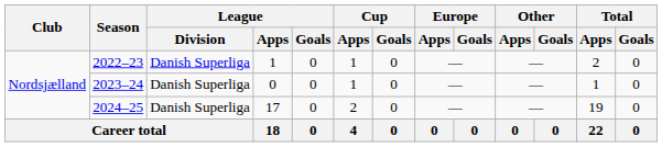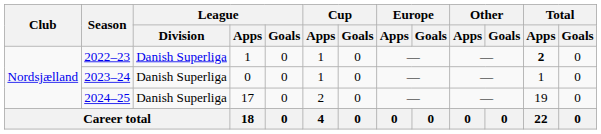 <table class="wikitable" style="text-align:center">
 <tr>
 <th rowspan="2">Club</th>
 <th rowspan="2">Season</th>
 <th colspan="3">League</th>
 <th colspan="2">Cup</th>
 <th colspan="2">Europe</th>
 <th colspan="2">Other</th>
 <th colspan="2">Total</th>
 </tr>
 <tr>
 <th>Division</th>
 <th>Apps</th>
 <th>Goals</th>
 <th>Apps</th>
 <th>Goals</th>
 <th>Apps</th>
 <th>Goals</th>
 <th>Apps</th>
 <th>Goals</th>
 <th>Apps</th>
 <th>Goals</th>
 </tr>
 <tr>
 <td rowspan="3"><a href='#'>Nordsjælland</a></td>
 <td><a href='#'>2022–23</a></td>
 <td><a href='#'>Danish Superliga</a></td>
 <td>1</td>
 <td>0</td>
 <td>1</td>
 <td>0</td>
 <td colspan="2">—</td>
 <td colspan="2">—</td>
-<td>2</td>
+<td><strong>2</strong></td>
 <td>0</td>
 </tr>
 <tr>
 <td><a href='#'>2023–24</a></td>
 <td>Danish Superliga</td>
 <td>0</td>
 <td>0</td>
 <td>1</td>
 <td>0</td>
 <td colspan="2">—</td>
 <td colspan="2">—</td>
 <td>1</td>
 <td>0</td>
 </tr>
 <tr>
 <td><a href='#'>2024–25</a></td>
 <td>Danish Superliga</td>
 <td>17</td>
 <td>0</td>
 <td>2</td>
 <td>0</td>
 <td colspan="2">—</td>
 <td colspan="2">—</td>
 <td>19</td>
 <td>0</td>
 </tr>
 <tr>
 <th colspan="3">Career total</th>
 <th>18</th>
 <th>0</th>
 <th>4</th>
 <th>0</th>
 <th>0</th>
 <th>0</th>
 <th>0</th>
 <th>0</th>
 <th>22</th>
 <th>0</th>
 </tr>
 </table>
